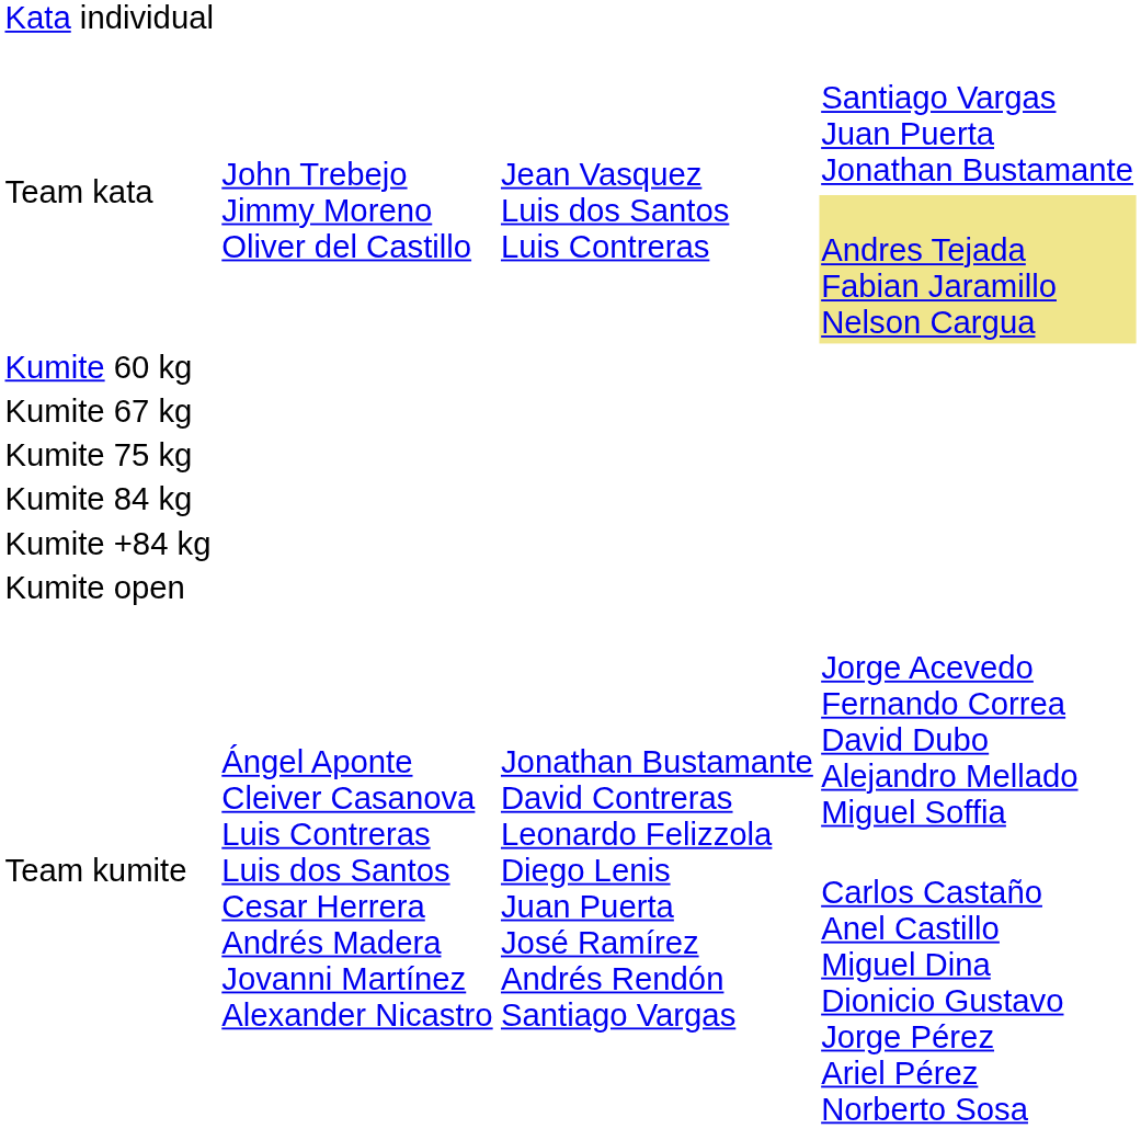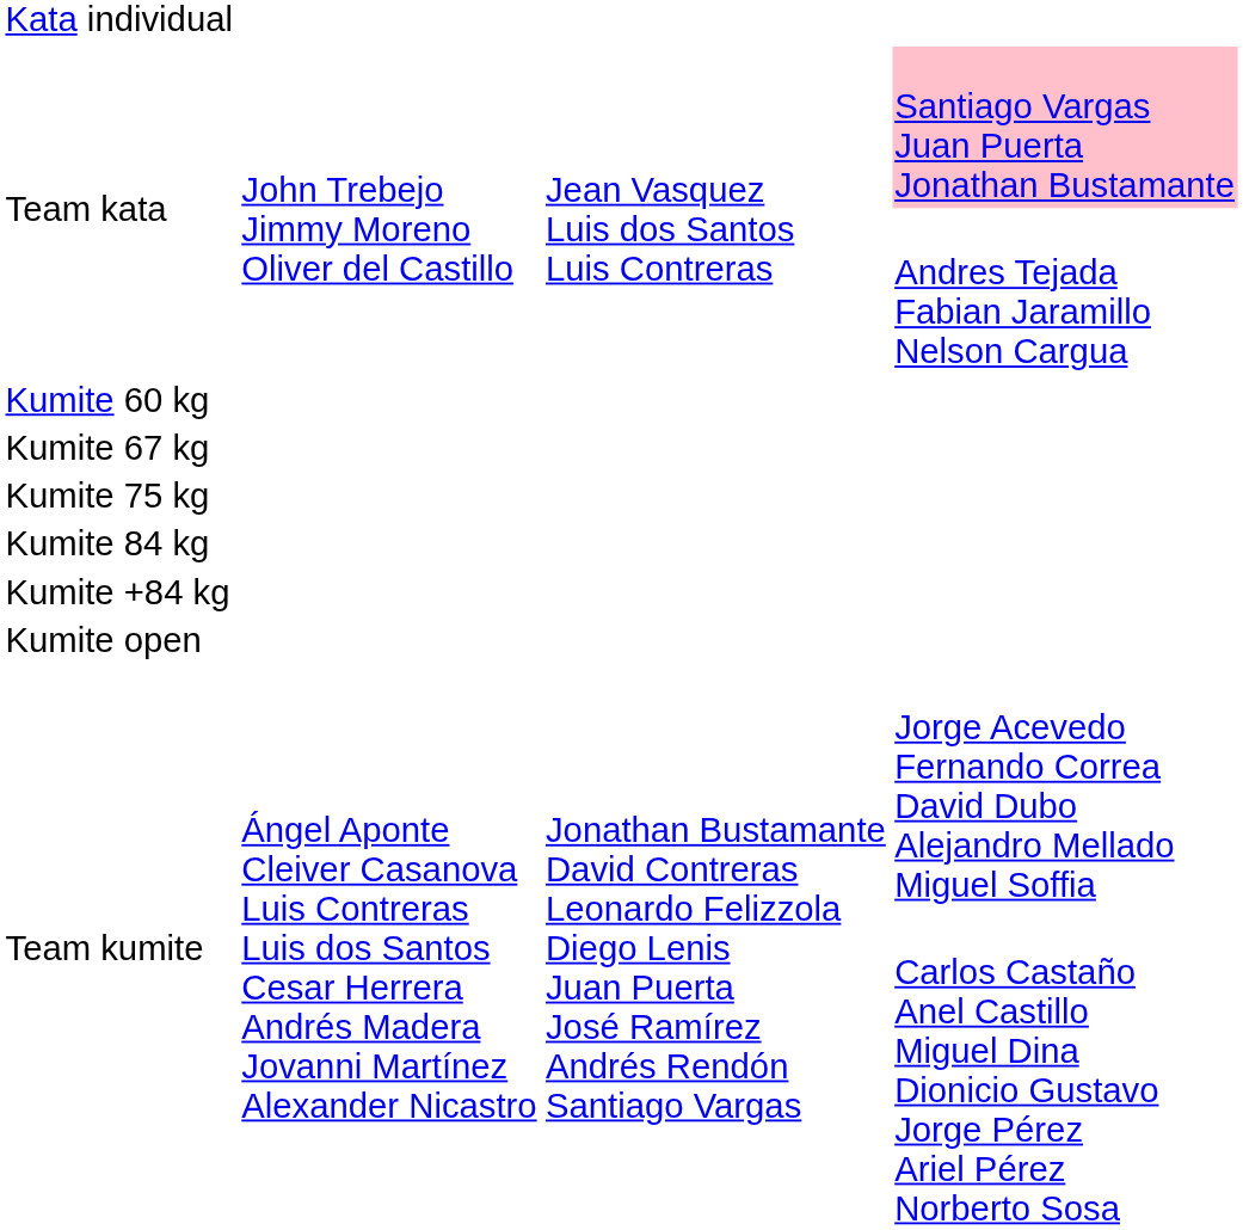 <table>
 <tr>
 <td rowspan=2><a href='#'>Kata</a> individual</td>
 <td rowspan=2></td>
 <td rowspan=2></td>
 <td></td>
 </tr>
 <tr>
 <td></td>
 </tr>
 <tr>
 <td rowspan=2>Team kata</td>
 <td rowspan=2><br><a href='#'>John Trebejo</a><br><a href='#'>Jimmy Moreno</a><br><a href='#'>Oliver del Castillo</a></td>
 <td rowspan=2><br><a href='#'>Jean Vasquez</a><br><a href='#'>Luis dos Santos</a><br><a href='#'>Luis Contreras</a></td>
-<td><br><a href='#'>Santiago Vargas</a><br><a href='#'>Juan Puerta</a><br><a href='#'>Jonathan Bustamante</a></td>
+<td style="background: pink;"><br><a href='#'>Santiago Vargas</a><br><a href='#'>Juan Puerta</a><br><a href='#'>Jonathan Bustamante</a></td>
 </tr>
 <tr>
-<td style="background: khaki;"><br><a href='#'>Andres Tejada</a><br><a href='#'>Fabian Jaramillo</a><br><a href='#'>Nelson Cargua</a></td>
+<td><br><a href='#'>Andres Tejada</a><br><a href='#'>Fabian Jaramillo</a><br><a href='#'>Nelson Cargua</a></td>
 </tr>
 <tr>
 <td rowspan=2><a href='#'>Kumite</a> 60 kg</td>
 <td rowspan=2></td>
 <td rowspan=2></td>
 <td></td>
 </tr>
 <tr>
 <td></td>
 </tr>
 <tr>
 <td rowspan=2>Kumite 67 kg</td>
 <td rowspan=2></td>
 <td rowspan=2></td>
 <td></td>
 </tr>
 <tr>
 <td></td>
 </tr>
 <tr>
 <td rowspan=2>Kumite 75 kg</td>
 <td rowspan=2></td>
 <td rowspan=2></td>
 <td></td>
 </tr>
 <tr>
 <td></td>
 </tr>
 <tr>
 <td rowspan=2>Kumite 84 kg</td>
 <td rowspan=2></td>
 <td rowspan=2></td>
 <td></td>
 </tr>
 <tr>
 <td></td>
 </tr>
 <tr>
 <td rowspan=2>Kumite +84 kg</td>
 <td rowspan=2></td>
 <td rowspan=2></td>
 <td></td>
 </tr>
 <tr>
 <td></td>
 </tr>
 <tr>
 <td rowspan=2>Kumite open</td>
 <td rowspan=2></td>
 <td rowspan=2></td>
 <td></td>
 </tr>
 <tr>
 <td></td>
 </tr>
 <tr>
 <td rowspan=2>Team kumite</td>
 <td rowspan=2><br><a href='#'>Ángel Aponte</a><br><a href='#'>Cleiver Casanova</a><br><a href='#'>Luis Contreras</a><br><a href='#'>Luis dos Santos</a><br><a href='#'>Cesar Herrera</a><br><a href='#'>Andrés Madera</a><br><a href='#'>Jovanni Martínez</a><br><a href='#'>Alexander Nicastro</a></td>
 <td rowspan=2><br><a href='#'>Jonathan Bustamante</a><br><a href='#'>David Contreras</a><br><a href='#'>Leonardo Felizzola</a><br><a href='#'>Diego Lenis</a><br><a href='#'>Juan Puerta</a><br><a href='#'>José Ramírez</a><br><a href='#'>Andrés Rendón</a><br><a href='#'>Santiago Vargas</a></td>
 <td><br><a href='#'>Jorge Acevedo</a><br><a href='#'>Fernando Correa</a><br><a href='#'>David Dubo</a><br><a href='#'>Alejandro Mellado</a><br><a href='#'>Miguel Soffia</a></td>
 </tr>
 <tr>
 <td><br><a href='#'>Carlos Castaño</a><br><a href='#'>Anel Castillo</a><br><a href='#'>Miguel Dina</a><br><a href='#'>Dionicio Gustavo</a><br><a href='#'>Jorge Pérez</a><br><a href='#'>Ariel Pérez</a><br><a href='#'>Norberto Sosa</a></td>
 </tr>
 </table>
